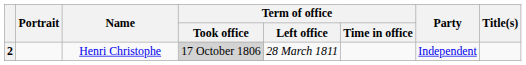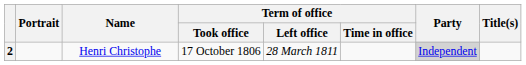 <table class="wikitable" style="text-align:center">
 <tr>
 <th rowspan="2"></th>
 <th rowspan="2">Portrait</th>
 <th rowspan="2" width="150">Name<br></th>
 <th colspan="3">Term of office</th>
 <th rowspan="2">Party</th>
 <th rowspan="2">Title(s)</th>
 </tr>
 <tr>
 <th>Took office</th>
 <th>Left office</th>
 <th>Time in office</th>
 </tr>
 <tr>
 <th style="background:">2</th>
 <td></td>
 <td><a href='#'>Henri Christophe</a><br></td>
-<td style="background: lightgrey;">17 October 1806</td>
+<td>17 October 1806</td>
 <td><em>28 March 1811</em></td>
 <td></td>
-<td><a href='#'>Independent</a></td>
+<td style="background: lightgrey;"><a href='#'>Independent</a></td>
 <td></td>
 </tr>
 </table>
